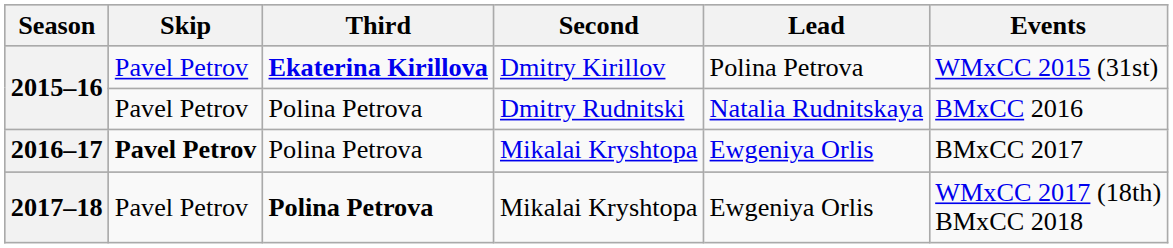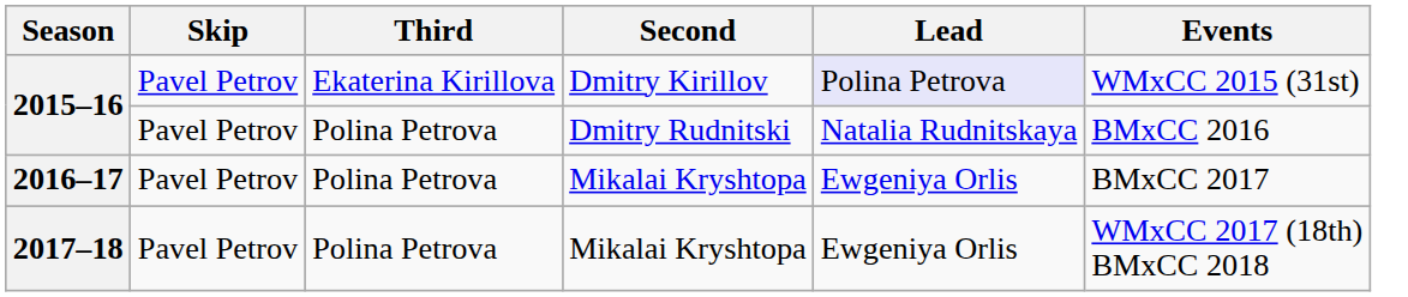 <table class="wikitable">
 <tr>
 <th scope="col">Season</th>
 <th scope="col">Skip</th>
 <th scope="col">Third</th>
 <th scope="col">Second</th>
 <th scope="col">Lead</th>
 <th scope="col">Events</th>
 </tr>
 <tr>
 <th scope="row" rowspan=2>2015–16</th>
 <td><a href='#'>Pavel Petrov</a></td>
-<td><strong><a href='#'>Ekaterina Kirillova</a></strong></td>
+<td><a href='#'>Ekaterina Kirillova</a></td>
 <td><a href='#'>Dmitry Kirillov</a></td>
-<td>Polina Petrova</td>
+<td style="background: lavender;">Polina Petrova</td>
 <td><a href='#'>WMxCC 2015</a> (31st)</td>
 </tr>
 <tr>
 <td>Pavel Petrov</td>
 <td>Polina Petrova</td>
 <td><a href='#'>Dmitry Rudnitski</a></td>
 <td><a href='#'>Natalia Rudnitskaya</a></td>
 <td><a href='#'>BMxCC</a> 2016 </td>
 </tr>
 <tr>
 <th scope="row">2016–17</th>
-<td><strong>Pavel Petrov</strong></td>
+<td>Pavel Petrov</td>
 <td>Polina Petrova</td>
 <td><a href='#'>Mikalai Kryshtopa</a></td>
 <td><a href='#'>Ewgeniya Orlis</a></td>
 <td>BMxCC 2017 </td>
 </tr>
 <tr>
 <th scope="row">2017–18</th>
 <td>Pavel Petrov</td>
-<td><strong>Polina Petrova</strong></td>
+<td>Polina Petrova</td>
 <td>Mikalai Kryshtopa</td>
 <td>Ewgeniya Orlis</td>
 <td><a href='#'>WMxCC 2017</a> (18th)<br>BMxCC 2018 </td>
 </tr>
 </table>
